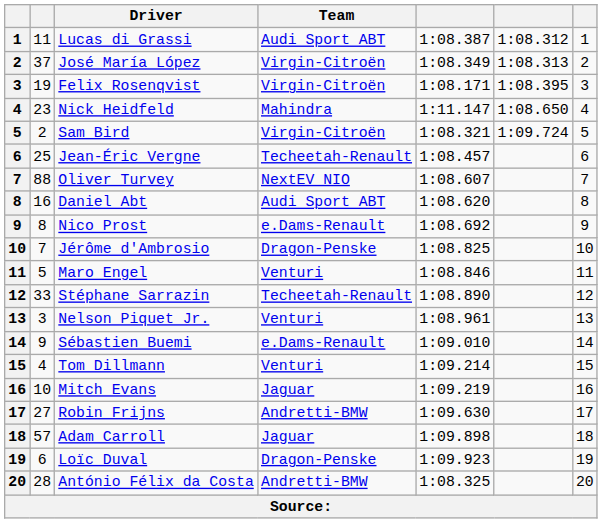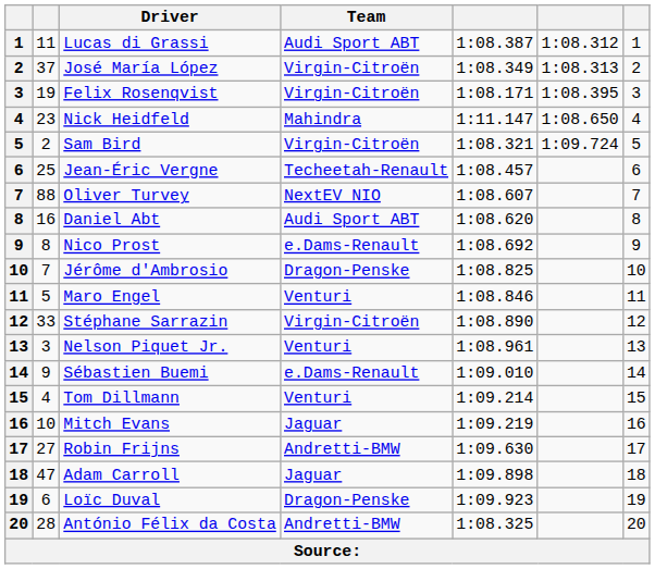 <table class="wikitable sortable" style="font-size: 85%">
 <tr>
 <th scope="col"></th>
 <th scope="col"></th>
 <th scope="col">Driver</th>
 <th scope="col">Team</th>
 <th scope="col"></th>
 <th scope="col"></th>
 <th scope="col"></th>
 </tr>
 <tr>
 <th scope="row">1</th>
 <td align="center">11</td>
 <td data-sort-value="DIG"> <a href='#'>Lucas di Grassi</a></td>
 <td><a href='#'>Audi Sport ABT</a></td>
 <td>1:08.387</td>
 <td>1:08.312</td>
 <td align="center">1</td>
 </tr>
 <tr>
 <th scope="row">2</th>
 <td align="center">37</td>
 <td data-sort-value="LOP"> <a href='#'>José María López</a></td>
 <td><a href='#'>Virgin-Citroën</a></td>
 <td>1:08.349</td>
 <td>1:08.313</td>
 <td align="center">2</td>
 </tr>
 <tr>
 <th scope="row">3</th>
 <td align="center">19</td>
 <td data-sort-value="ROS"> <a href='#'>Felix Rosenqvist</a></td>
 <td><a href='#'>Virgin-Citroën</a></td>
 <td>1:08.171</td>
 <td>1:08.395</td>
 <td align="center">3</td>
 </tr>
 <tr>
 <th scope="row">4</th>
 <td align="center">23</td>
 <td data-sort-value="HEI"> <a href='#'>Nick Heidfeld</a></td>
 <td><a href='#'>Mahindra</a></td>
 <td>1:11.147</td>
 <td>1:08.650</td>
 <td align="center">4</td>
 </tr>
 <tr>
 <th scope="row">5</th>
 <td align="center">2</td>
 <td data-sort-value="BIR"> <a href='#'>Sam Bird</a></td>
 <td><a href='#'>Virgin-Citroën</a></td>
 <td>1:08.321</td>
 <td>1:09.724</td>
 <td align="center">5</td>
 </tr>
 <tr>
 <th scope="row">6</th>
 <td align="center">25</td>
 <td data-sort-value="VER"> <a href='#'>Jean-Éric Vergne</a></td>
 <td><a href='#'>Techeetah-Renault</a></td>
 <td>1:08.457</td>
 <td></td>
 <td align="center">6</td>
 </tr>
 <tr>
 <th scope="row">7</th>
 <td align="center">88</td>
 <td data-sort-value="TUR"> <a href='#'>Oliver Turvey</a></td>
 <td><a href='#'>NextEV NIO</a></td>
 <td>1:08.607</td>
 <td></td>
 <td align="center">7</td>
 </tr>
 <tr>
 <th scope="row">8</th>
 <td align="center">16</td>
 <td data-sort-value="ABT"> <a href='#'>Daniel Abt</a></td>
 <td><a href='#'>Audi Sport ABT</a></td>
 <td>1:08.620</td>
 <td></td>
 <td align="center">8</td>
 </tr>
 <tr>
 <th scope="row">9</th>
 <td align="center">8</td>
 <td data-sort-value="PRO"> <a href='#'>Nico Prost</a></td>
 <td><a href='#'>e.Dams-Renault</a></td>
 <td>1:08.692</td>
 <td></td>
 <td align="center">9</td>
 </tr>
 <tr>
 <th scope="row">10</th>
 <td align="center">7</td>
 <td data-sort-value="DAM"> <a href='#'>Jérôme d'Ambrosio</a></td>
 <td><a href='#'>Dragon-Penske</a></td>
 <td>1:08.825</td>
 <td></td>
 <td align="center">10</td>
 </tr>
 <tr>
 <th scope="row">11</th>
 <td align="center">5</td>
 <td data-sort-value="ENG"> <a href='#'>Maro Engel</a></td>
 <td><a href='#'>Venturi</a></td>
 <td>1:08.846</td>
 <td></td>
 <td align="center">11</td>
 </tr>
 <tr>
 <th scope="row">12</th>
 <td align="center">33</td>
 <td data-sort-value="SAR"> <a href='#'>Stéphane Sarrazin</a></td>
-<td><a href='#'>Techeetah-Renault</a></td>
+<td><a href='#'>Virgin-Citroën</a></td>
 <td>1:08.890</td>
 <td></td>
 <td align="center">12</td>
 </tr>
 <tr>
 <th scope="row">13</th>
 <td align="center">3</td>
 <td data-sort-value="PIQ"> <a href='#'>Nelson Piquet Jr.</a></td>
 <td><a href='#'>Venturi</a></td>
 <td>1:08.961</td>
 <td></td>
 <td align="center">13</td>
 </tr>
 <tr>
 <th scope="row">14</th>
 <td align="center">9</td>
 <td data-sort-value="BUE"> <a href='#'>Sébastien Buemi</a></td>
 <td><a href='#'>e.Dams-Renault</a></td>
 <td>1:09.010</td>
 <td></td>
 <td align="center">14</td>
 </tr>
 <tr>
 <th scope="row">15</th>
 <td align="center">4</td>
 <td data-sort-value="DIL"> <a href='#'>Tom Dillmann</a></td>
 <td><a href='#'>Venturi</a></td>
 <td>1:09.214</td>
 <td></td>
 <td align="center">15</td>
 </tr>
 <tr>
 <th scope="row">16</th>
 <td align="center">10</td>
 <td data-sort-value="EVA"> <a href='#'>Mitch Evans</a></td>
 <td><a href='#'>Jaguar</a></td>
 <td>1:09.219</td>
 <td></td>
 <td align="center">16</td>
 </tr>
 <tr>
 <th scope="row">17</th>
 <td align="center">27</td>
 <td data-sort-value="FRI"> <a href='#'>Robin Frijns</a></td>
 <td><a href='#'>Andretti-BMW</a></td>
 <td>1:09.630</td>
 <td></td>
 <td align="center">17</td>
 </tr>
 <tr>
 <th scope="row">18</th>
-<td align="center">57</td>
+<td align="center">47</td>
 <td data-sort-value="CAR"> <a href='#'>Adam Carroll</a></td>
 <td><a href='#'>Jaguar</a></td>
 <td>1:09.898</td>
 <td></td>
 <td align="center">18</td>
 </tr>
 <tr>
 <th scope="row">19</th>
 <td align="center">6</td>
 <td data-sort-value="DUV"> <a href='#'>Loïc Duval</a></td>
 <td><a href='#'>Dragon-Penske</a></td>
 <td>1:09.923</td>
 <td></td>
 <td align="center">19</td>
 </tr>
 <tr>
 <th scope="row">20</th>
 <td align="center">28</td>
 <td data-sort-value="FDC"> <a href='#'>António Félix da Costa</a></td>
 <td><a href='#'>Andretti-BMW</a></td>
 <td>1:08.325</td>
 <td></td>
 <td align="center">20</td>
 </tr>
 <tr>
 <th colspan="7">Source:</th>
 </tr>
 </table>
